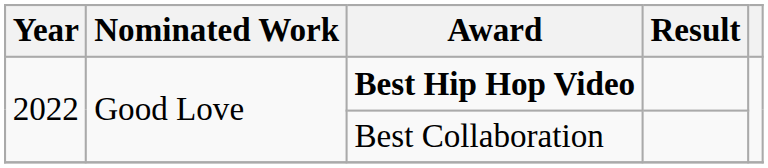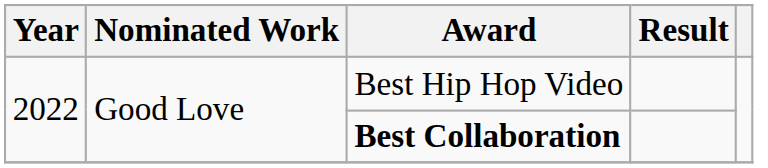 <table class="wikitable">
 <tr>
 <th>Year</th>
 <th>Nominated Work</th>
 <th>Award</th>
 <th>Result</th>
 <th></th>
 </tr>
 <tr>
 <td rowspan="2">2022</td>
 <td rowspan="2">Good Love </td>
-<td><strong>Best Hip Hop Video</strong></td>
+<td>Best Hip Hop Video</td>
 <td></td>
 <td style="text-align:center;" rowspan="2"></td>
 </tr>
 <tr>
-<td>Best Collaboration</td>
+<td><strong>Best Collaboration</strong></td>
 <td></td>
 </tr>
 <tr>
 </tr>
 </table>
